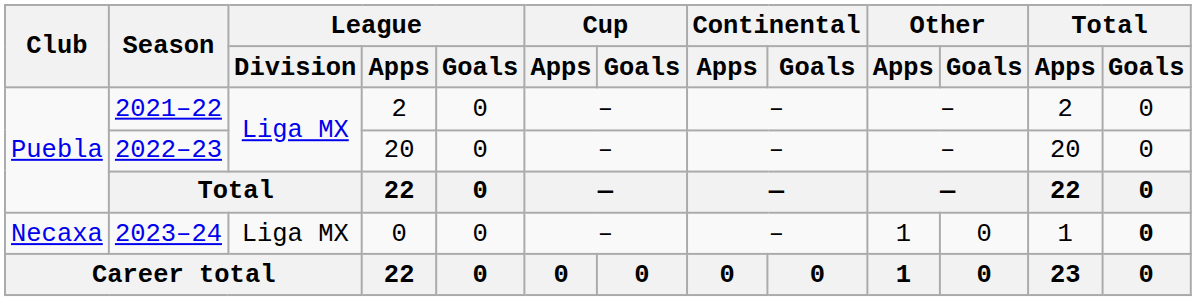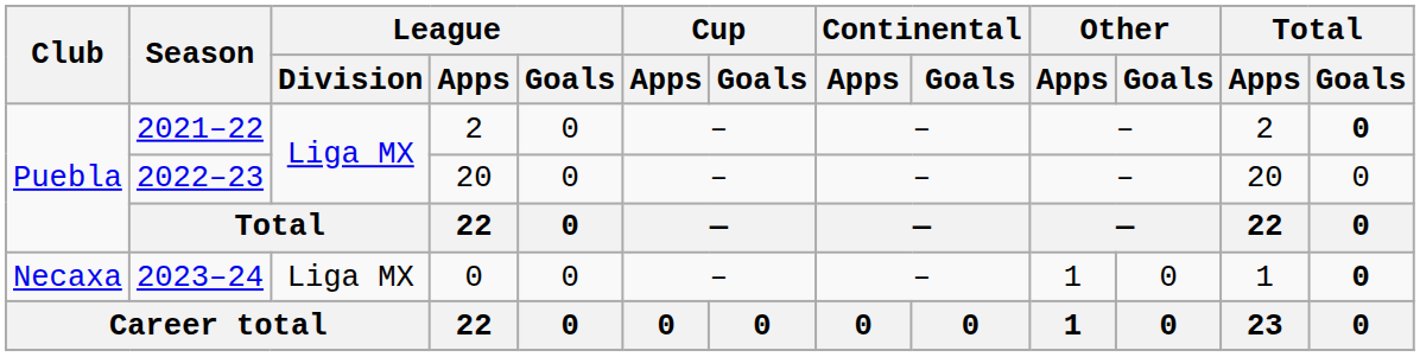 <table class="wikitable" style="text-align: center">
 <tr>
 <th rowspan="2">Club</th>
 <th rowspan="2">Season</th>
 <th colspan="3">League</th>
 <th colspan="2">Cup</th>
 <th colspan="2">Continental</th>
 <th colspan="2">Other</th>
 <th colspan="2">Total</th>
 </tr>
 <tr>
 <th>Division</th>
 <th>Apps</th>
 <th>Goals</th>
 <th>Apps</th>
 <th>Goals</th>
 <th>Apps</th>
 <th>Goals</th>
 <th>Apps</th>
 <th>Goals</th>
 <th>Apps</th>
 <th>Goals</th>
 </tr>
 <tr>
 <td rowspan="3"><a href='#'>Puebla</a></td>
 <td><a href='#'>2021–22</a></td>
 <td rowspan="2"><a href='#'>Liga MX</a></td>
 <td>2</td>
 <td>0</td>
 <td colspan="2">–</td>
 <td colspan="2">–</td>
 <td colspan="2">–</td>
 <td>2</td>
-<td>0</td>
+<td><strong>0</strong></td>
 </tr>
 <tr>
 <td><a href='#'>2022–23</a></td>
 <td>20</td>
 <td>0</td>
 <td colspan="2">–</td>
 <td colspan="2">–</td>
 <td colspan="2">–</td>
 <td>20</td>
 <td>0</td>
 </tr>
 <tr>
 <th colspan="2">Total</th>
 <th>22</th>
 <th>0</th>
 <th colspan="2">—</th>
 <th colspan="2">—</th>
 <th colspan="2">—</th>
 <th>22</th>
 <th>0</th>
 </tr>
 <tr>
 <td rowspan="1"><a href='#'>Necaxa</a></td>
 <td><a href='#'>2023–24</a></td>
 <td rowspan="1">Liga MX</td>
 <td>0</td>
 <td>0</td>
 <td colspan="2">–</td>
 <td colspan="2">–</td>
 <td>1</td>
 <td>0</td>
 <td>1</td>
 <td><strong>0</strong></td>
 </tr>
 <tr>
 <th colspan="3">Career total</th>
 <th>22</th>
 <th>0</th>
 <th>0</th>
 <th>0</th>
 <th>0</th>
 <th>0</th>
 <th>1</th>
 <th>0</th>
 <th>23</th>
 <th>0</th>
 </tr>
 </table>
